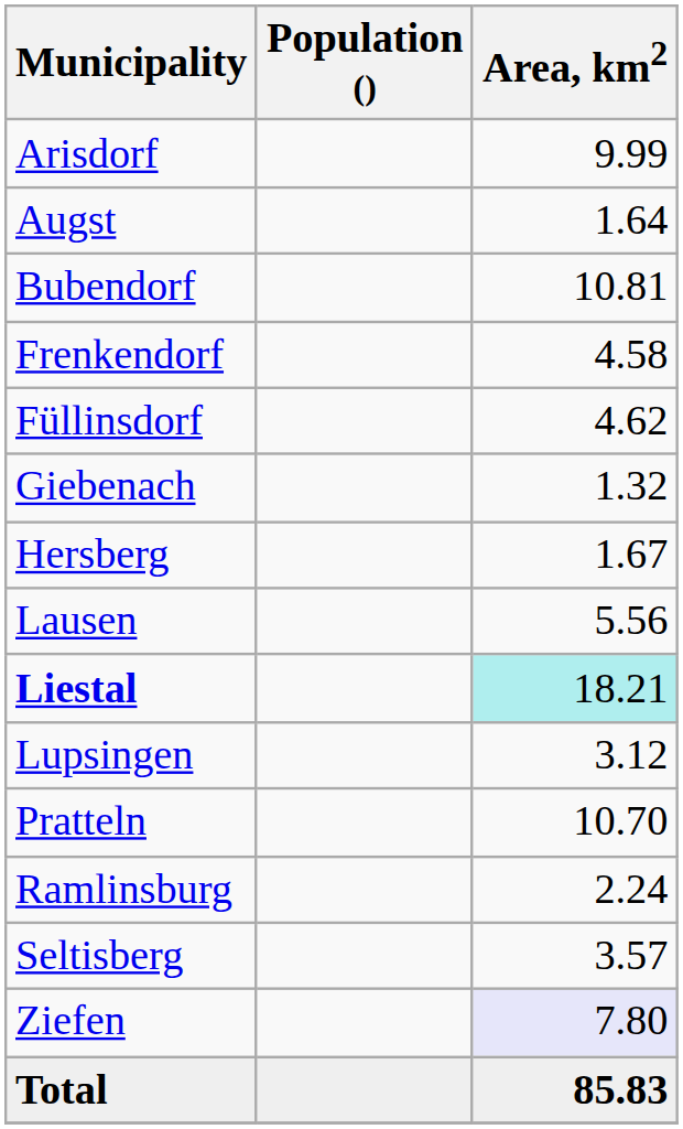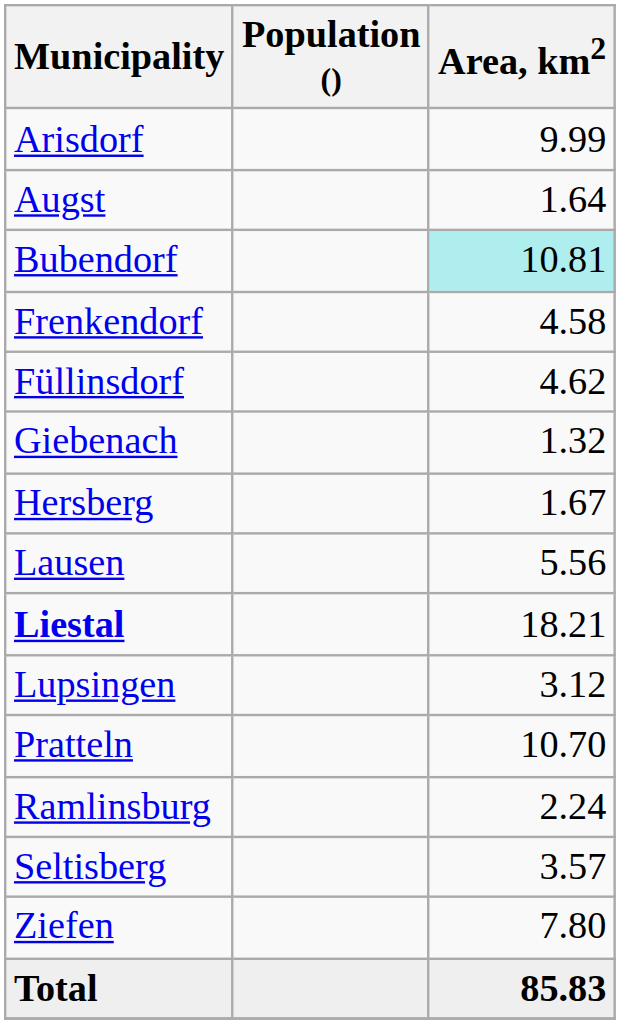 <table class="wikitable">
 <tr>
 <th>Municipality</th>
 <th>Population<br><small>()</small></th>
 <th>Area, km<sup>2</sup></th>
 </tr>
 <tr>
 <td><a href='#'>Arisdorf</a></td>
 <td align="center"></td>
 <td align="right">9.99</td>
 </tr>
 <tr>
 <td><a href='#'>Augst</a></td>
 <td align="center"></td>
 <td align="right">1.64</td>
 </tr>
 <tr>
 <td><a href='#'>Bubendorf</a></td>
 <td align="center"></td>
-<td align="right">10.81</td>
+<td align="right" style="background: paleturquoise;">10.81</td>
 </tr>
 <tr>
 <td><a href='#'>Frenkendorf</a></td>
 <td align="center"></td>
 <td align="right">4.58</td>
 </tr>
 <tr>
 <td><a href='#'>Füllinsdorf</a></td>
 <td align="center"></td>
 <td align="right">4.62</td>
 </tr>
 <tr>
 <td><a href='#'>Giebenach</a></td>
 <td align="center"></td>
 <td align="right">1.32</td>
 </tr>
 <tr>
 <td><a href='#'>Hersberg</a></td>
 <td align="center"></td>
 <td align="right">1.67</td>
 </tr>
 <tr>
 <td><a href='#'>Lausen</a></td>
 <td align="center"></td>
 <td align="right">5.56</td>
 </tr>
 <tr>
 <td><strong><a href='#'>Liestal</a></strong></td>
 <td align="center"></td>
-<td align="right" style="background: paleturquoise;">18.21</td>
+<td align="right">18.21</td>
 </tr>
 <tr>
 <td><a href='#'>Lupsingen</a></td>
 <td align="center"></td>
 <td align="right">3.12</td>
 </tr>
 <tr>
 <td><a href='#'>Pratteln</a></td>
 <td align="center"></td>
 <td align="right">10.70</td>
 </tr>
 <tr>
 <td><a href='#'>Ramlinsburg</a></td>
 <td align="center"></td>
 <td align="right">2.24</td>
 </tr>
 <tr>
 <td><a href='#'>Seltisberg</a></td>
 <td align="center"></td>
 <td align="right">3.57</td>
 </tr>
 <tr>
 <td><a href='#'>Ziefen</a></td>
 <td align="center"></td>
-<td align="right" style="background: lavender;">7.80</td>
+<td align="right">7.80</td>
 </tr>
 <tr style="background-color:#EFEFEF;">
 <td align="Left"><strong>Total</strong></td>
 <td align="center"><strong></strong></td>
 <td align="right"><strong>85.83</strong></td>
 </tr>
 <tr>
 </tr>
 </table>
